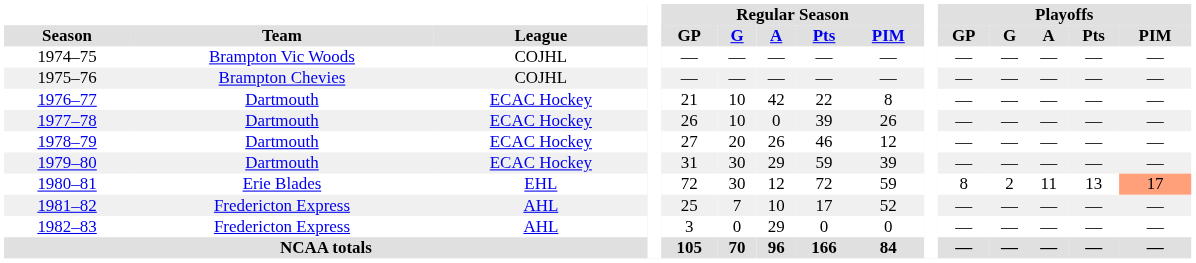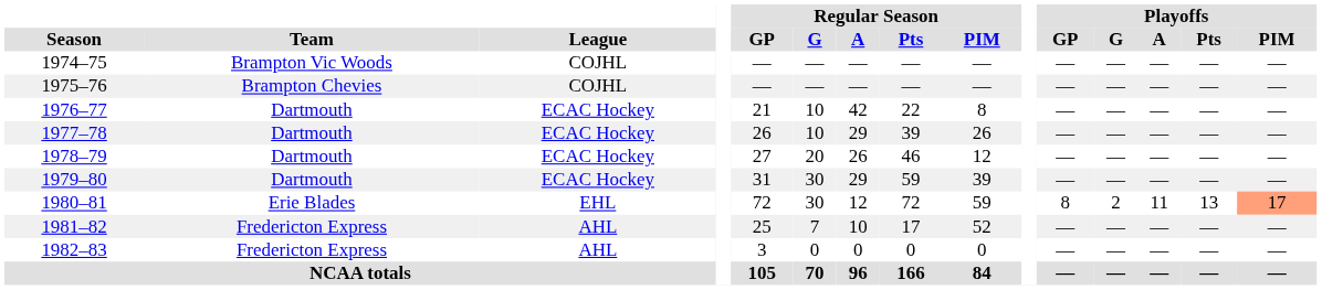 <table border="0" cellpadding="1" cellspacing="0" style="text-align:center; width:70em">
 <tr bgcolor="#e0e0e0">
 <th colspan="3"  bgcolor="#ffffff"> </th>
 <th rowspan="99" bgcolor="#ffffff"> </th>
 <th colspan="5">Regular Season</th>
 <th rowspan="99" bgcolor="#ffffff"> </th>
 <th colspan="5">Playoffs</th>
 </tr>
 <tr bgcolor="#e0e0e0">
 <th>Season</th>
 <th>Team</th>
 <th>League</th>
 <th>GP</th>
 <th><a href='#'>G</a></th>
 <th><a href='#'>A</a></th>
 <th><a href='#'>Pts</a></th>
 <th><a href='#'>PIM</a></th>
 <th>GP</th>
 <th>G</th>
 <th>A</th>
 <th>Pts</th>
 <th>PIM</th>
 </tr>
 <tr>
 <td>1974–75</td>
 <td><a href='#'>Brampton Vic Woods</a></td>
 <td>COJHL</td>
 <td>—</td>
 <td>—</td>
 <td>—</td>
 <td>—</td>
 <td>—</td>
 <td>—</td>
 <td>—</td>
 <td>—</td>
 <td>—</td>
 <td>—</td>
 </tr>
 <tr bgcolor="f0f0f0">
 <td>1975–76</td>
 <td><a href='#'>Brampton Chevies</a></td>
 <td>COJHL</td>
 <td>—</td>
 <td>—</td>
 <td>—</td>
 <td>—</td>
 <td>—</td>
 <td>—</td>
 <td>—</td>
 <td>—</td>
 <td>—</td>
 <td>—</td>
 </tr>
 <tr>
 <td><a href='#'>1976–77</a></td>
 <td><a href='#'>Dartmouth</a></td>
 <td><a href='#'>ECAC Hockey</a></td>
 <td>21</td>
 <td>10</td>
 <td>42</td>
 <td>22</td>
 <td>8</td>
 <td>—</td>
 <td>—</td>
 <td>—</td>
 <td>—</td>
 <td>—</td>
 </tr>
 <tr bgcolor="f0f0f0">
 <td><a href='#'>1977–78</a></td>
 <td><a href='#'>Dartmouth</a></td>
 <td><a href='#'>ECAC Hockey</a></td>
 <td>26</td>
 <td>10</td>
-<td>0</td>
+<td>29</td>
 <td>39</td>
 <td>26</td>
 <td>—</td>
 <td>—</td>
 <td>—</td>
 <td>—</td>
 <td>—</td>
 </tr>
 <tr>
 <td><a href='#'>1978–79</a></td>
 <td><a href='#'>Dartmouth</a></td>
 <td><a href='#'>ECAC Hockey</a></td>
 <td>27</td>
 <td>20</td>
 <td>26</td>
 <td>46</td>
 <td>12</td>
 <td>—</td>
 <td>—</td>
 <td>—</td>
 <td>—</td>
 <td>—</td>
 </tr>
 <tr bgcolor="f0f0f0">
 <td><a href='#'>1979–80</a></td>
 <td><a href='#'>Dartmouth</a></td>
 <td><a href='#'>ECAC Hockey</a></td>
 <td>31</td>
 <td>30</td>
 <td>29</td>
 <td>59</td>
 <td>39</td>
 <td>—</td>
 <td>—</td>
 <td>—</td>
 <td>—</td>
 <td>—</td>
 </tr>
 <tr>
 <td><a href='#'>1980–81</a></td>
 <td><a href='#'>Erie Blades</a></td>
 <td><a href='#'>EHL</a></td>
 <td>72</td>
 <td>30</td>
 <td>12</td>
 <td>72</td>
 <td>59</td>
 <td>8</td>
 <td>2</td>
 <td>11</td>
 <td>13</td>
 <td style="background: lightsalmon;">17</td>
 </tr>
 <tr bgcolor="f0f0f0">
 <td><a href='#'>1981–82</a></td>
 <td><a href='#'>Fredericton Express</a></td>
 <td><a href='#'>AHL</a></td>
 <td>25</td>
 <td>7</td>
 <td>10</td>
 <td>17</td>
 <td>52</td>
 <td>—</td>
 <td>—</td>
 <td>—</td>
 <td>—</td>
 <td>—</td>
 </tr>
 <tr>
 <td><a href='#'>1982–83</a></td>
 <td><a href='#'>Fredericton Express</a></td>
 <td><a href='#'>AHL</a></td>
 <td>3</td>
 <td>0</td>
-<td>29</td>
+<td>0</td>
 <td>0</td>
 <td>0</td>
 <td>—</td>
 <td>—</td>
 <td>—</td>
 <td>—</td>
 <td>—</td>
 </tr>
 <tr bgcolor="#e0e0e0">
 <th colspan="3">NCAA totals</th>
 <th>105</th>
 <th>70</th>
 <th>96</th>
 <th>166</th>
 <th>84</th>
 <th>—</th>
 <th>—</th>
 <th>—</th>
 <th>—</th>
 <th>—</th>
 </tr>
 </table>
